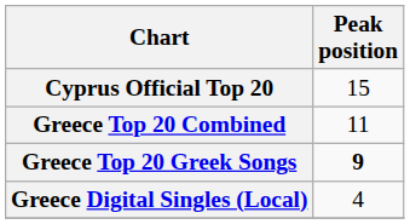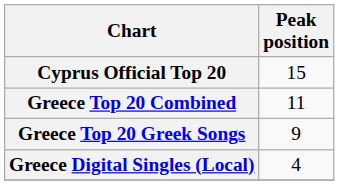 <table class="wikitable sortable plainrowheaders" style="text-align:center">
 <tr>
 <th scope="col">Chart</th>
 <th scope="col">Peak<br>position</th>
 </tr>
 <tr>
 <th scope="row">Cyprus Official Top 20</th>
 <td>15</td>
 </tr>
 <tr>
 <th scope="row">Greece <a href='#'>Top 20 Combined</a></th>
 <td>11</td>
 </tr>
 <tr>
 <th scope="row">Greece <a href='#'>Top 20 Greek Songs</a></th>
-<td><strong>9</strong></td>
+<td>9</td>
 </tr>
 <tr>
 <th scope="row">Greece <a href='#'>Digital Singles (Local)</a></th>
 <td>4</td>
 </tr>
 <tr>
 </tr>
 </table>
